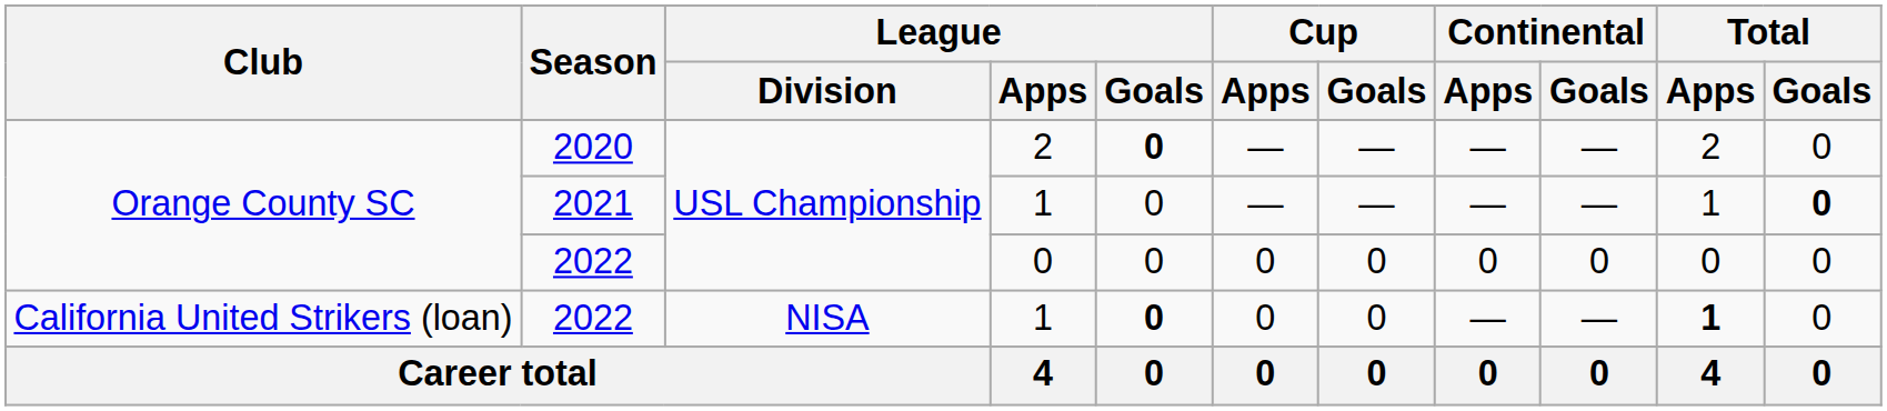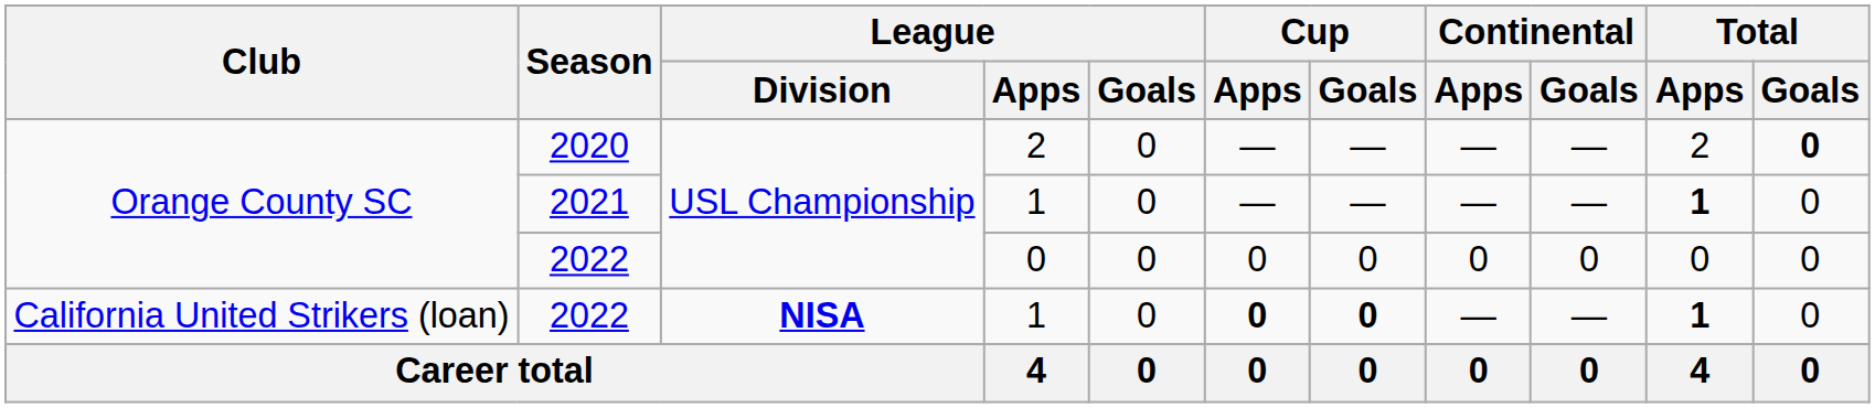 <table class=wikitable style=text-align:center>
 <tr>
 <th rowspan=2>Club</th>
 <th rowspan=2>Season</th>
 <th colspan=3>League</th>
 <th colspan=2>Cup</th>
 <th colspan=2>Continental</th>
 <th colspan=2>Total</th>
 </tr>
 <tr>
 <th>Division</th>
 <th>Apps</th>
 <th>Goals</th>
 <th>Apps</th>
 <th>Goals</th>
 <th>Apps</th>
 <th>Goals</th>
 <th>Apps</th>
 <th>Goals</th>
 </tr>
 <tr>
 <td rowspan="3"><a href='#'>Orange County SC</a></td>
 <td><a href='#'>2020</a></td>
 <td rowspan="3"><a href='#'>USL Championship</a></td>
 <td>2</td>
-<td><strong>0</strong></td>
+<td>0</td>
 <td>—</td>
 <td>—</td>
 <td>—</td>
 <td>—</td>
 <td>2</td>
-<td>0</td>
+<td><strong>0</strong></td>
 </tr>
 <tr>
 <td><a href='#'>2021</a></td>
 <td>1</td>
 <td>0</td>
 <td>—</td>
 <td>—</td>
 <td>—</td>
 <td>—</td>
-<td>1</td>
-<td><strong>0</strong></td>
+<td><strong>1</strong></td>
+<td>0</td>
 </tr>
 <tr>
 <td><a href='#'>2022</a></td>
 <td>0</td>
 <td>0</td>
 <td>0</td>
 <td>0</td>
 <td>0</td>
 <td>0</td>
 <td>0</td>
 <td>0</td>
 </tr>
 <tr>
 <td><a href='#'>California United Strikers</a> (loan)</td>
 <td><a href='#'>2022</a></td>
-<td><a href='#'>NISA</a></td>
+<td><strong><a href='#'>NISA</a></strong></td>
 <td>1</td>
+<td>0</td>
 <td><strong>0</strong></td>
-<td>0</td>
-<td>0</td>
+<td><strong>0</strong></td>
 <td>—</td>
 <td>—</td>
 <td><strong>1</strong></td>
 <td>0</td>
 </tr>
 <tr>
 <th colspan="3">Career total</th>
 <th>4</th>
 <th>0</th>
 <th>0</th>
 <th>0</th>
 <th>0</th>
 <th>0</th>
 <th>4</th>
 <th>0</th>
 </tr>
 </table>
